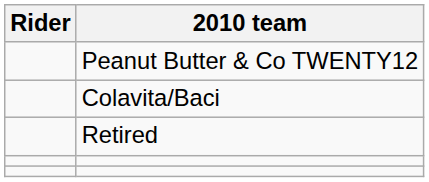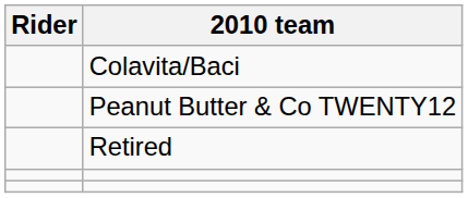 <table class="wikitable">
 <tr>
 <th>Rider</th>
 <th>2010 team</th>
 </tr>
 <tr>
 <td></td>
-<td>Peanut Butter & Co TWENTY12</td>
+<td>Colavita/Baci</td>
 </tr>
 <tr>
 <td></td>
-<td>Colavita/Baci</td>
+<td>Peanut Butter & Co TWENTY12</td>
 </tr>
 <tr>
 <td></td>
 <td>Retired</td>
 </tr>
 <tr>
 <td></td>
 <td></td>
 </tr>
 <tr>
 <td></td>
 <td></td>
 </tr>
 </table>
